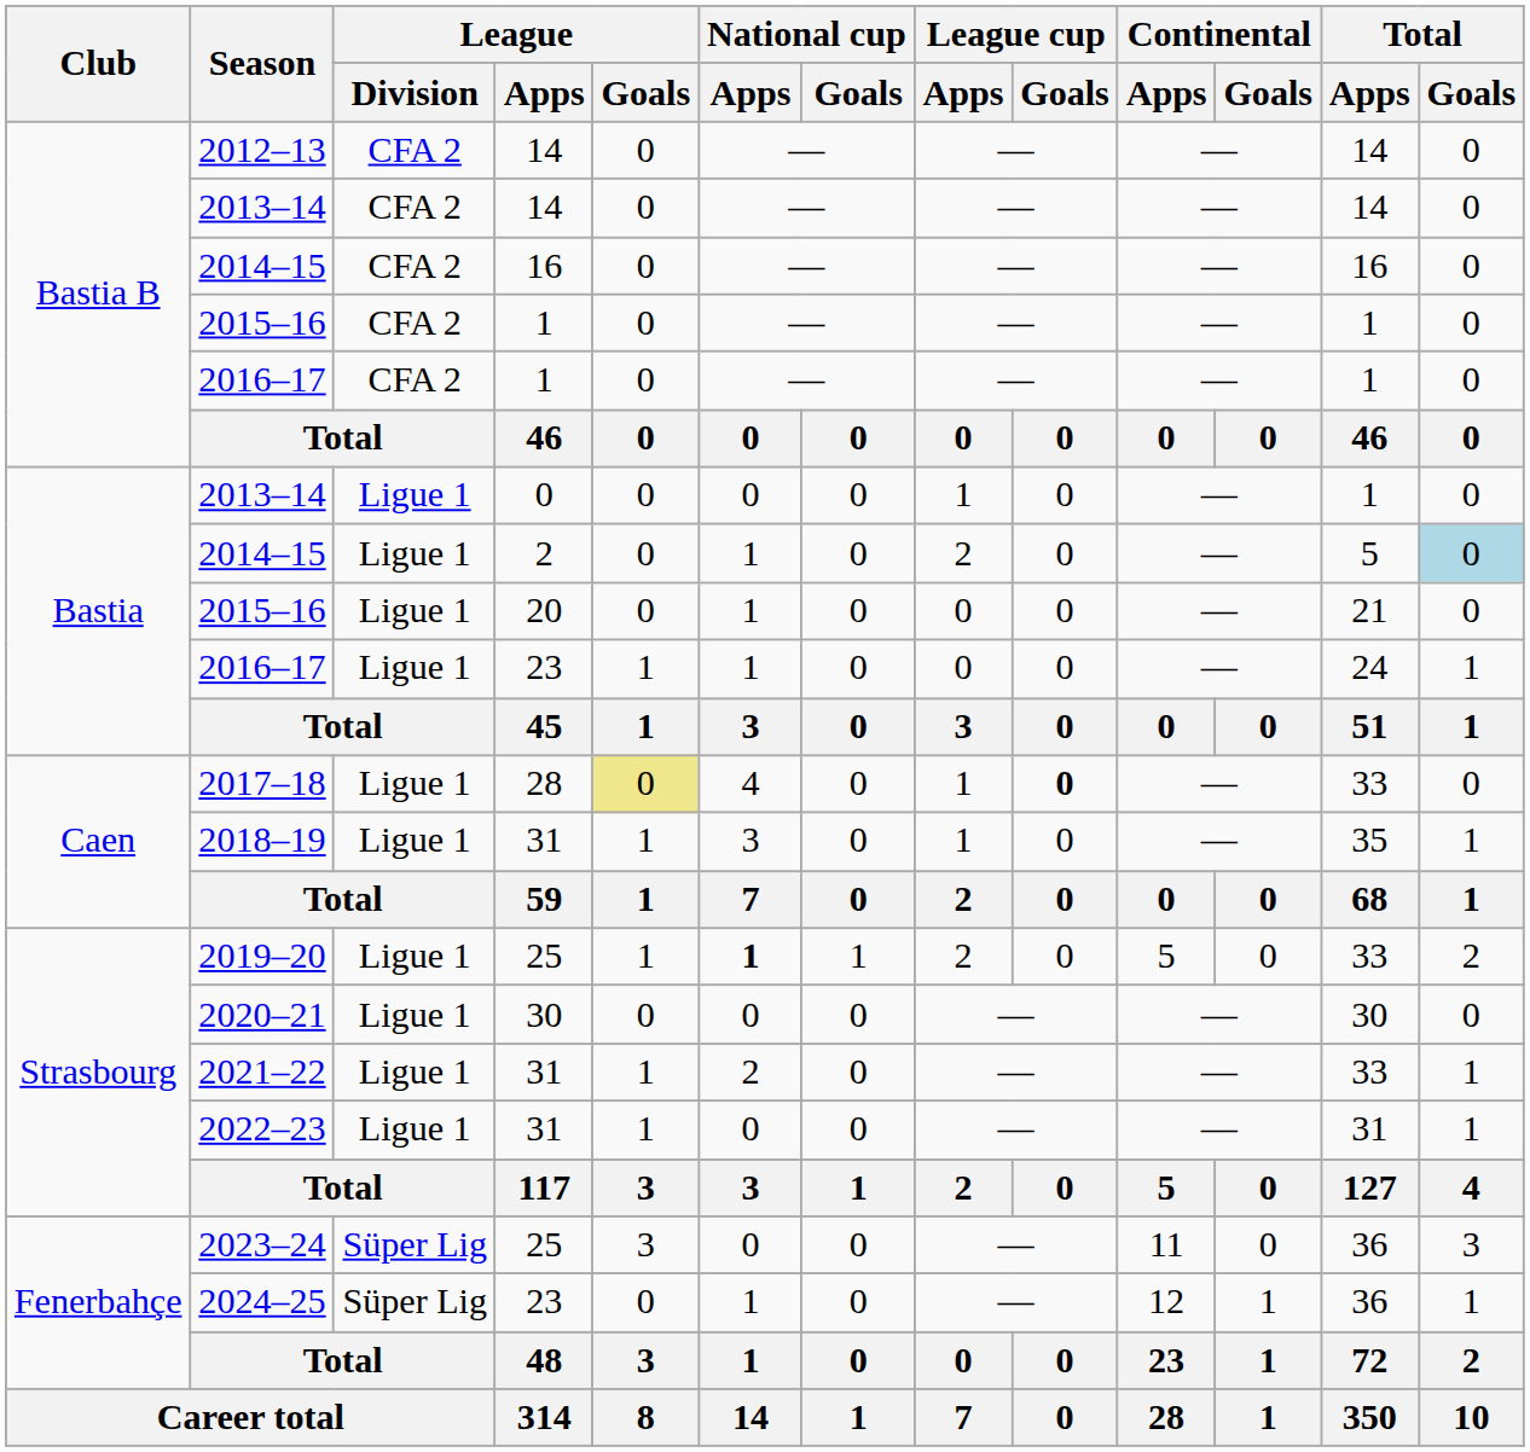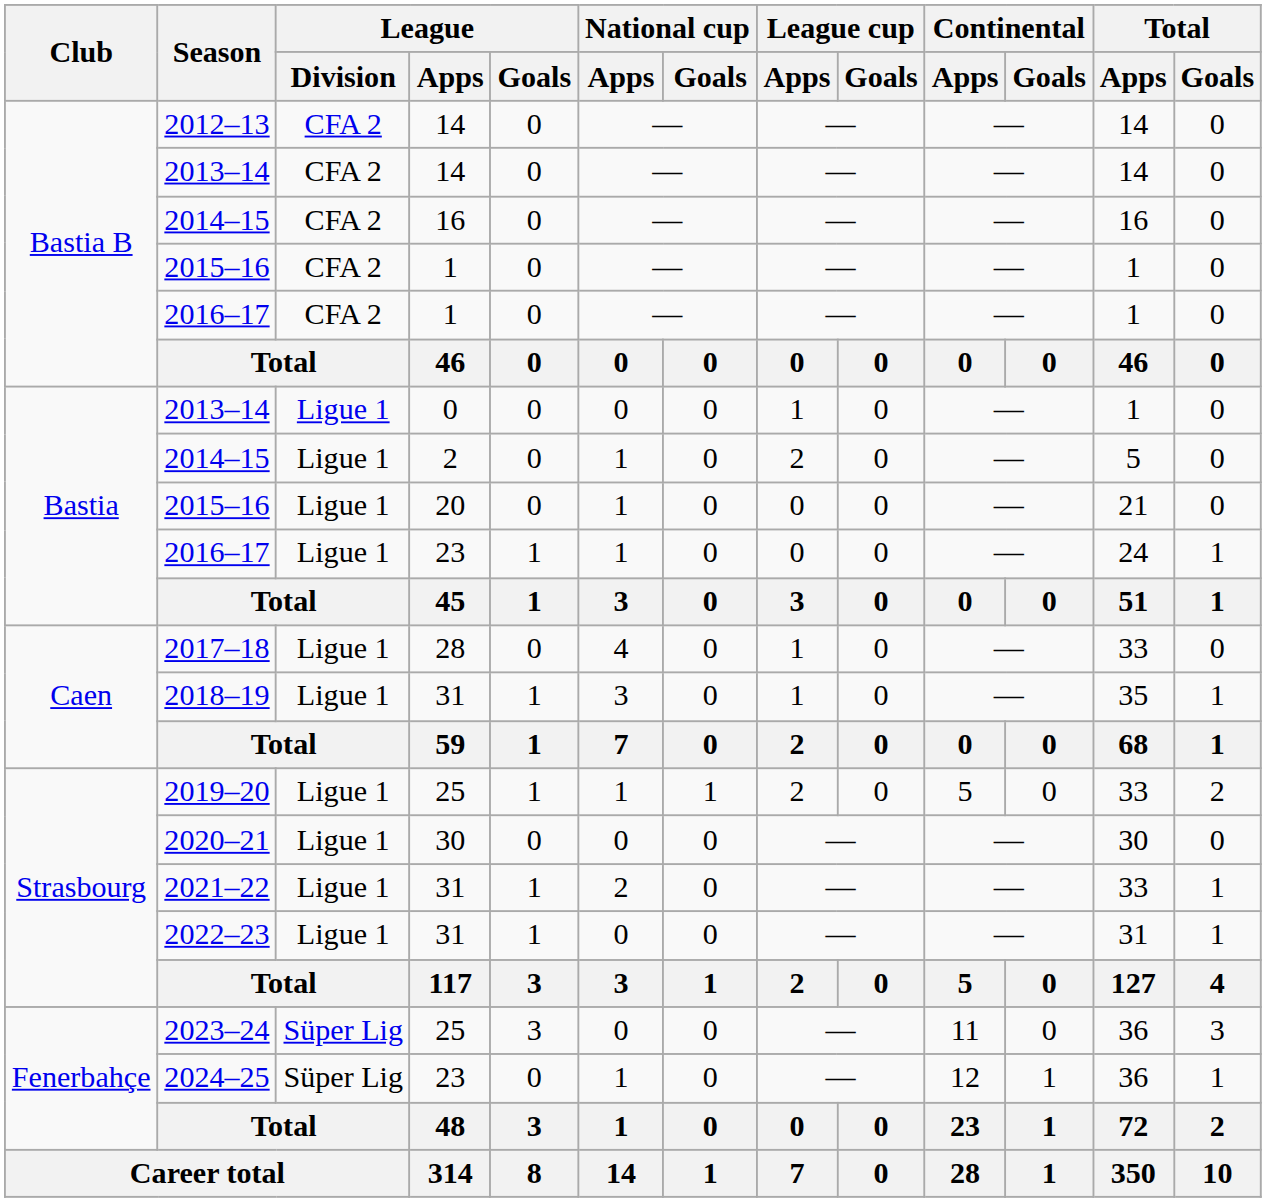 <table class="wikitable" style="text-align:center">
 <tr>
 <th rowspan="2">Club</th>
 <th rowspan="2">Season</th>
 <th colspan="3">League</th>
 <th colspan="2">National cup</th>
 <th colspan="2">League cup</th>
 <th colspan="2">Continental</th>
 <th colspan="2">Total</th>
 </tr>
 <tr>
 <th>Division</th>
 <th>Apps</th>
 <th>Goals</th>
 <th>Apps</th>
 <th>Goals</th>
 <th>Apps</th>
 <th>Goals</th>
 <th>Apps</th>
 <th>Goals</th>
 <th>Apps</th>
 <th>Goals</th>
 </tr>
 <tr>
 <td rowspan="6"><a href='#'>Bastia B</a></td>
 <td><a href='#'>2012–13</a></td>
 <td><a href='#'>CFA 2</a></td>
 <td>14</td>
 <td>0</td>
 <td colspan="2">—</td>
 <td colspan="2">—</td>
 <td colspan="2">—</td>
 <td>14</td>
 <td>0</td>
 </tr>
 <tr>
 <td><a href='#'>2013–14</a></td>
 <td>CFA 2</td>
 <td>14</td>
 <td>0</td>
 <td colspan="2">—</td>
 <td colspan="2">—</td>
 <td colspan="2">—</td>
 <td>14</td>
 <td>0</td>
 </tr>
 <tr>
 <td><a href='#'>2014–15</a></td>
 <td>CFA 2</td>
 <td>16</td>
 <td>0</td>
 <td colspan="2">—</td>
 <td colspan="2">—</td>
 <td colspan="2">—</td>
 <td>16</td>
 <td>0</td>
 </tr>
 <tr>
 <td><a href='#'>2015–16</a></td>
 <td>CFA 2</td>
 <td>1</td>
 <td>0</td>
 <td colspan="2">—</td>
 <td colspan="2">—</td>
 <td colspan="2">—</td>
 <td>1</td>
 <td>0</td>
 </tr>
 <tr>
 <td><a href='#'>2016–17</a></td>
 <td>CFA 2</td>
 <td>1</td>
 <td>0</td>
 <td colspan="2">—</td>
 <td colspan="2">—</td>
 <td colspan="2">—</td>
 <td>1</td>
 <td>0</td>
 </tr>
 <tr>
 <th colspan="2">Total</th>
 <th>46</th>
 <th>0</th>
 <th>0</th>
 <th>0</th>
 <th>0</th>
 <th>0</th>
 <th>0</th>
 <th>0</th>
 <th>46</th>
 <th>0</th>
 </tr>
 <tr>
 <td rowspan="5"><a href='#'>Bastia</a></td>
 <td><a href='#'>2013–14</a></td>
 <td><a href='#'>Ligue 1</a></td>
 <td>0</td>
 <td>0</td>
 <td>0</td>
 <td>0</td>
 <td>1</td>
 <td>0</td>
 <td colspan="2">—</td>
 <td>1</td>
 <td>0</td>
 </tr>
 <tr>
 <td><a href='#'>2014–15</a></td>
 <td>Ligue 1</td>
 <td>2</td>
 <td>0</td>
 <td>1</td>
 <td>0</td>
 <td>2</td>
 <td>0</td>
 <td colspan="2">—</td>
 <td>5</td>
-<td style="background: lightblue;">0</td>
+<td>0</td>
 </tr>
 <tr>
 <td><a href='#'>2015–16</a></td>
 <td>Ligue 1</td>
 <td>20</td>
 <td>0</td>
 <td>1</td>
 <td>0</td>
 <td>0</td>
 <td>0</td>
 <td colspan="2">—</td>
 <td>21</td>
 <td>0</td>
 </tr>
 <tr>
 <td><a href='#'>2016–17</a></td>
 <td>Ligue 1</td>
 <td>23</td>
 <td>1</td>
 <td>1</td>
 <td>0</td>
 <td>0</td>
 <td>0</td>
 <td colspan="2">—</td>
 <td>24</td>
 <td>1</td>
 </tr>
 <tr>
 <th colspan="2">Total</th>
 <th>45</th>
 <th>1</th>
 <th>3</th>
 <th>0</th>
 <th>3</th>
 <th>0</th>
 <th>0</th>
 <th>0</th>
 <th>51</th>
 <th>1</th>
 </tr>
 <tr>
 <td rowspan="3"><a href='#'>Caen</a></td>
 <td><a href='#'>2017–18</a></td>
 <td>Ligue 1</td>
 <td>28</td>
-<td style="background: khaki;">0</td>
+<td>0</td>
 <td>4</td>
 <td>0</td>
 <td>1</td>
-<td><strong>0</strong></td>
+<td>0</td>
 <td colspan="2">—</td>
 <td>33</td>
 <td>0</td>
 </tr>
 <tr>
 <td><a href='#'>2018–19</a></td>
 <td>Ligue 1</td>
 <td>31</td>
 <td>1</td>
 <td>3</td>
 <td>0</td>
 <td>1</td>
 <td>0</td>
 <td colspan="2">—</td>
 <td>35</td>
 <td>1</td>
 </tr>
 <tr>
 <th colspan="2">Total</th>
 <th>59</th>
 <th>1</th>
 <th>7</th>
 <th>0</th>
 <th>2</th>
 <th>0</th>
 <th>0</th>
 <th>0</th>
 <th>68</th>
 <th>1</th>
 </tr>
 <tr>
 <td rowspan="5"><a href='#'>Strasbourg</a></td>
 <td><a href='#'>2019–20</a></td>
 <td>Ligue 1</td>
 <td>25</td>
 <td>1</td>
-<td><strong>1</strong></td>
+<td>1</td>
 <td>1</td>
 <td>2</td>
 <td>0</td>
 <td>5</td>
 <td>0</td>
 <td>33</td>
 <td>2</td>
 </tr>
 <tr>
 <td><a href='#'>2020–21</a></td>
 <td>Ligue 1</td>
 <td>30</td>
 <td>0</td>
 <td>0</td>
 <td>0</td>
 <td colspan="2">—</td>
 <td colspan="2">—</td>
 <td>30</td>
 <td>0</td>
 </tr>
 <tr>
 <td><a href='#'>2021–22</a></td>
 <td>Ligue 1</td>
 <td>31</td>
 <td>1</td>
 <td>2</td>
 <td>0</td>
 <td colspan="2">—</td>
 <td colspan="2">—</td>
 <td>33</td>
 <td>1</td>
 </tr>
 <tr>
 <td><a href='#'>2022–23</a></td>
 <td>Ligue 1</td>
 <td>31</td>
 <td>1</td>
 <td>0</td>
 <td>0</td>
 <td colspan="2">—</td>
 <td colspan="2">—</td>
 <td>31</td>
 <td>1</td>
 </tr>
 <tr>
 <th colspan="2">Total</th>
 <th>117</th>
 <th>3</th>
 <th>3</th>
 <th>1</th>
 <th>2</th>
 <th>0</th>
 <th>5</th>
 <th>0</th>
 <th>127</th>
 <th>4</th>
 </tr>
 <tr>
 <td rowspan="3"><a href='#'>Fenerbahçe</a></td>
 <td><a href='#'>2023–24</a></td>
 <td><a href='#'>Süper Lig</a></td>
 <td>25</td>
 <td>3</td>
 <td>0</td>
 <td>0</td>
 <td colspan="2">—</td>
 <td>11</td>
 <td>0</td>
 <td>36</td>
 <td>3</td>
 </tr>
 <tr>
 <td><a href='#'>2024–25</a></td>
 <td>Süper Lig</td>
 <td>23</td>
 <td>0</td>
 <td>1</td>
 <td>0</td>
 <td colspan="2">—</td>
 <td>12</td>
 <td>1</td>
 <td>36</td>
 <td>1</td>
 </tr>
 <tr>
 <th colspan="2">Total</th>
 <th>48</th>
 <th>3</th>
 <th>1</th>
 <th>0</th>
 <th>0</th>
 <th>0</th>
 <th>23</th>
 <th>1</th>
 <th>72</th>
 <th>2</th>
 </tr>
 <tr>
 <th colspan="3">Career total</th>
 <th>314</th>
 <th>8</th>
 <th>14</th>
 <th>1</th>
 <th>7</th>
 <th>0</th>
 <th>28</th>
 <th>1</th>
 <th>350</th>
 <th>10</th>
 </tr>
 </table>
